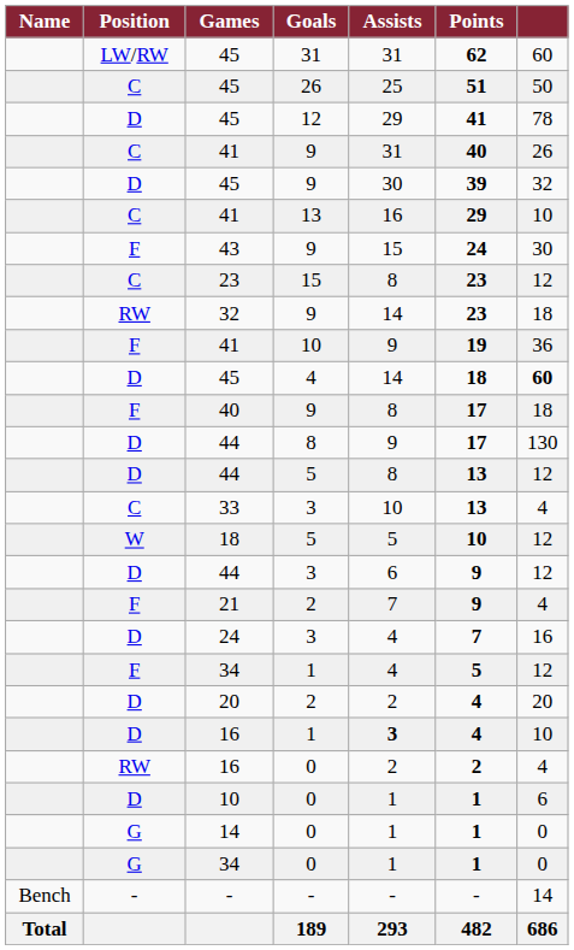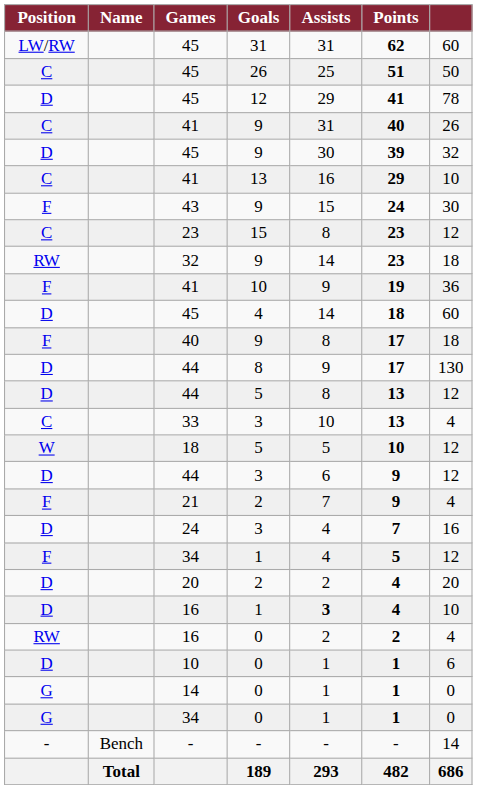 <table class="wikitable sortable" width ="50%">
 <tr align="center">
+<th style="color:white; background:#862334; ">Position</th>
 <th style="color:white; background:#862334; ">Name</th>
-<th style="color:white; background:#862334; ">Position</th>
 <th style="color:white; background:#862334; ">Games</th>
 <th style="color:white; background:#862334; ">Goals</th>
 <th style="color:white; background:#862334; ">Assists</th>
 <th style="color:white; background:#862334; ">Points</th>
 <th style="color:white; background:#862334; "><a href='#'></a></th>
 </tr>
 <tr align="center" bgcolor="">
+<td><a href='#'>LW</a>/<a href='#'>RW</a></td>
 <td></td>
-<td><a href='#'>LW</a>/<a href='#'>RW</a></td>
 <td>45</td>
 <td>31</td>
 <td>31</td>
 <td><strong>62</strong></td>
 <td>60</td>
 </tr>
 <tr align="center" bgcolor="f0f0f0">
+<td><a href='#'>C</a></td>
 <td></td>
-<td><a href='#'>C</a></td>
 <td>45</td>
 <td>26</td>
 <td>25</td>
 <td><strong>51</strong></td>
 <td>50</td>
 </tr>
 <tr align="center" bgcolor="">
+<td><a href='#'>D</a></td>
 <td></td>
-<td><a href='#'>D</a></td>
 <td>45</td>
 <td>12</td>
 <td>29</td>
 <td><strong>41</strong></td>
 <td>78</td>
 </tr>
 <tr align="center" bgcolor="f0f0f0">
+<td><a href='#'>C</a></td>
 <td></td>
-<td><a href='#'>C</a></td>
 <td>41</td>
 <td>9</td>
 <td>31</td>
 <td><strong>40</strong></td>
 <td>26</td>
 </tr>
 <tr align="center" bgcolor="">
+<td><a href='#'>D</a></td>
 <td></td>
-<td><a href='#'>D</a></td>
 <td>45</td>
 <td>9</td>
 <td>30</td>
 <td><strong>39</strong></td>
 <td>32</td>
 </tr>
 <tr align="center" bgcolor="f0f0f0">
+<td><a href='#'>C</a></td>
 <td></td>
-<td><a href='#'>C</a></td>
 <td>41</td>
 <td>13</td>
 <td>16</td>
 <td><strong>29</strong></td>
 <td>10</td>
 </tr>
 <tr align="center" bgcolor="">
+<td><a href='#'>F</a></td>
 <td></td>
-<td><a href='#'>F</a></td>
 <td>43</td>
 <td>9</td>
 <td>15</td>
 <td><strong>24</strong></td>
 <td>30</td>
 </tr>
 <tr align="center" bgcolor="f0f0f0">
+<td><a href='#'>C</a></td>
 <td></td>
-<td><a href='#'>C</a></td>
 <td>23</td>
 <td>15</td>
 <td>8</td>
 <td><strong>23</strong></td>
 <td>12</td>
 </tr>
 <tr align="center" bgcolor="">
+<td><a href='#'>RW</a></td>
 <td></td>
-<td><a href='#'>RW</a></td>
 <td>32</td>
 <td>9</td>
 <td>14</td>
 <td><strong>23</strong></td>
 <td>18</td>
 </tr>
 <tr align="center" bgcolor="f0f0f0">
+<td><a href='#'>F</a></td>
 <td></td>
-<td><a href='#'>F</a></td>
 <td>41</td>
 <td>10</td>
 <td>9</td>
 <td><strong>19</strong></td>
 <td>36</td>
 </tr>
 <tr align="center" bgcolor="">
+<td><a href='#'>D</a></td>
 <td></td>
-<td><a href='#'>D</a></td>
 <td>45</td>
 <td>4</td>
 <td>14</td>
 <td><strong>18</strong></td>
-<td><strong>60</strong></td>
+<td>60</td>
 </tr>
 <tr align="center" bgcolor="f0f0f0">
+<td><a href='#'>F</a></td>
 <td></td>
-<td><a href='#'>F</a></td>
 <td>40</td>
 <td>9</td>
 <td>8</td>
 <td><strong>17</strong></td>
 <td>18</td>
 </tr>
 <tr align="center" bgcolor="">
+<td><a href='#'>D</a></td>
 <td></td>
-<td><a href='#'>D</a></td>
 <td>44</td>
 <td>8</td>
 <td>9</td>
 <td><strong>17</strong></td>
 <td>130</td>
 </tr>
 <tr align="center" bgcolor="f0f0f0">
+<td><a href='#'>D</a></td>
 <td></td>
-<td><a href='#'>D</a></td>
 <td>44</td>
 <td>5</td>
 <td>8</td>
 <td><strong>13</strong></td>
 <td>12</td>
 </tr>
 <tr align="center" bgcolor="">
+<td><a href='#'>C</a></td>
 <td></td>
-<td><a href='#'>C</a></td>
 <td>33</td>
 <td>3</td>
 <td>10</td>
 <td><strong>13</strong></td>
 <td>4</td>
 </tr>
 <tr align="center" bgcolor="f0f0f0">
+<td><a href='#'>W</a></td>
 <td></td>
-<td><a href='#'>W</a></td>
 <td>18</td>
 <td>5</td>
 <td>5</td>
 <td><strong>10</strong></td>
 <td>12</td>
 </tr>
 <tr align="center" bgcolor="">
+<td><a href='#'>D</a></td>
 <td></td>
-<td><a href='#'>D</a></td>
 <td>44</td>
 <td>3</td>
 <td>6</td>
 <td><strong>9</strong></td>
 <td>12</td>
 </tr>
 <tr align="center" bgcolor="f0f0f0">
+<td><a href='#'>F</a></td>
 <td></td>
-<td><a href='#'>F</a></td>
 <td>21</td>
 <td>2</td>
 <td>7</td>
 <td><strong>9</strong></td>
 <td>4</td>
 </tr>
 <tr align="center" bgcolor="">
+<td><a href='#'>D</a></td>
 <td></td>
-<td><a href='#'>D</a></td>
 <td>24</td>
 <td>3</td>
 <td>4</td>
 <td><strong>7</strong></td>
 <td>16</td>
 </tr>
 <tr align="center" bgcolor="f0f0f0">
+<td><a href='#'>F</a></td>
 <td></td>
-<td><a href='#'>F</a></td>
 <td>34</td>
 <td>1</td>
 <td>4</td>
 <td><strong>5</strong></td>
 <td>12</td>
 </tr>
 <tr align="center" bgcolor="">
+<td><a href='#'>D</a></td>
 <td></td>
-<td><a href='#'>D</a></td>
 <td>20</td>
 <td>2</td>
 <td>2</td>
 <td><strong>4</strong></td>
 <td>20</td>
 </tr>
 <tr align="center" bgcolor="f0f0f0">
+<td><a href='#'>D</a></td>
 <td></td>
-<td><a href='#'>D</a></td>
 <td>16</td>
 <td>1</td>
 <td><strong>3</strong></td>
 <td><strong>4</strong></td>
 <td>10</td>
 </tr>
 <tr align="center" bgcolor="">
+<td><a href='#'>RW</a></td>
 <td></td>
-<td><a href='#'>RW</a></td>
 <td>16</td>
 <td>0</td>
 <td>2</td>
 <td><strong>2</strong></td>
 <td>4</td>
 </tr>
 <tr align="center" bgcolor="f0f0f0">
+<td><a href='#'>D</a></td>
 <td></td>
-<td><a href='#'>D</a></td>
 <td>10</td>
 <td>0</td>
 <td>1</td>
 <td><strong>1</strong></td>
 <td>6</td>
 </tr>
 <tr align="center" bgcolor="">
+<td><a href='#'>G</a></td>
 <td></td>
-<td><a href='#'>G</a></td>
 <td>14</td>
 <td>0</td>
 <td>1</td>
 <td><strong>1</strong></td>
 <td>0</td>
 </tr>
 <tr align="center" bgcolor="f0f0f0">
+<td><a href='#'>G</a></td>
 <td></td>
-<td><a href='#'>G</a></td>
 <td>34</td>
 <td>0</td>
 <td>1</td>
 <td><strong>1</strong></td>
 <td>0</td>
 </tr>
 <tr align="center" bgcolor="">
+<td>-</td>
 <td>Bench</td>
-<td>-</td>
 <td>-</td>
 <td>-</td>
 <td>-</td>
 <td>-</td>
 <td>14</td>
 </tr>
 <tr>
+<th></th>
 <th>Total</th>
-<th></th>
 <th></th>
 <th>189</th>
 <th>293</th>
 <th>482</th>
 <th>686</th>
 </tr>
 </table>
